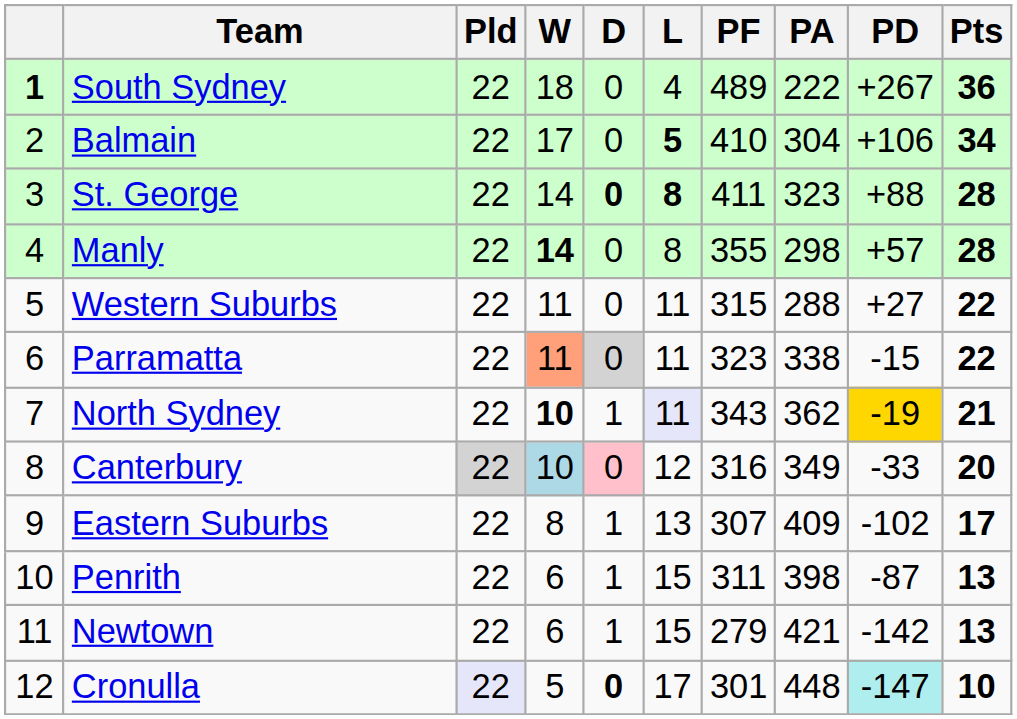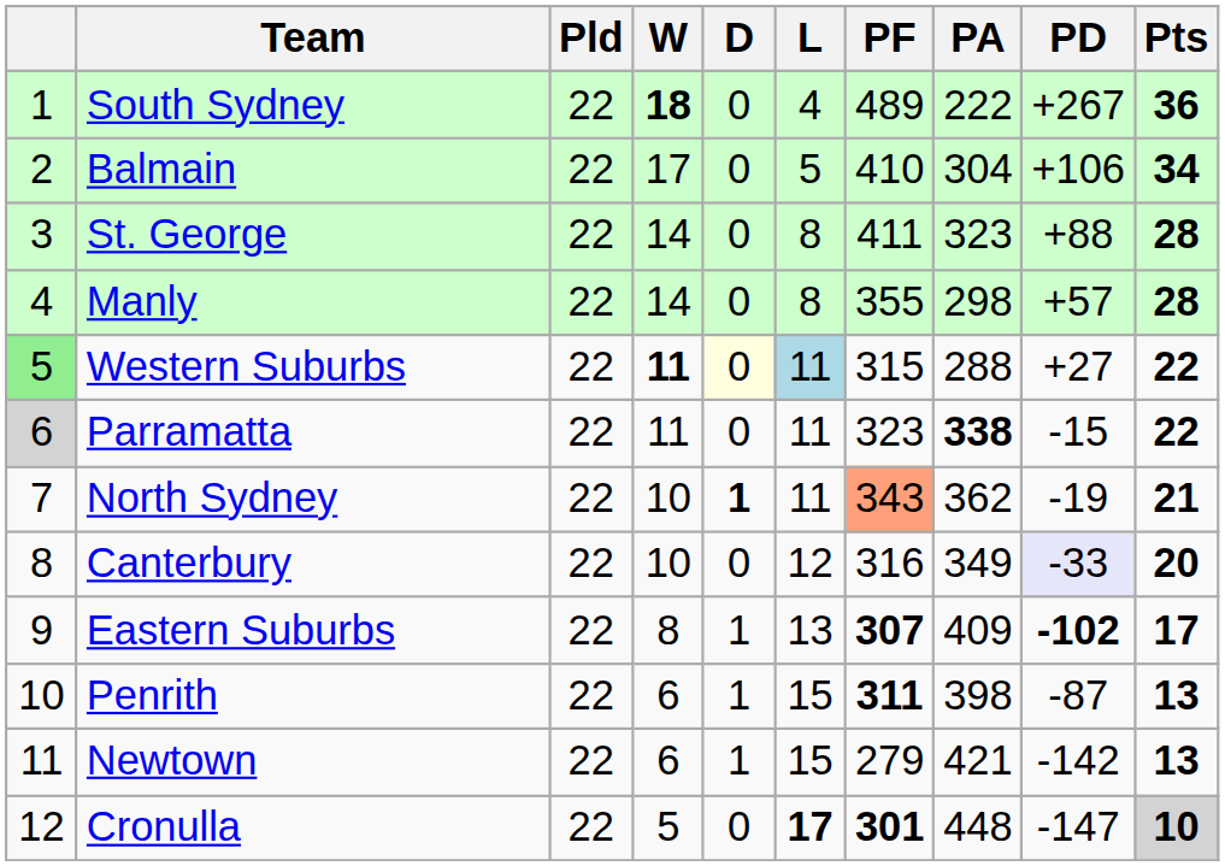 <table class="wikitable" style="text-align:center;">
 <tr>
 <th width=20 abbr="Position×"></th>
 <th width=175>Team</th>
 <th width=20 abbr="Played">Pld</th>
 <th width=20 abbr="Won">W</th>
 <th width=20 abbr="Drawn">D</th>
 <th width=20 abbr="Lost">L</th>
 <th width=20 abbr="Points for">PF</th>
 <th width=20 abbr="Points against">PA</th>
 <th width=20 abbr="Points difference">PD</th>
 <th width=20 abbr="Points">Pts</th>
 </tr>
 <tr style="background: #ccffcc;">
-<td><strong>1</strong></td>
+<td>1</td>
 <td style="text-align:left;"> <a href='#'>South Sydney</a></td>
 <td>22</td>
-<td>18</td>
+<td><strong>18</strong></td>
 <td>0</td>
 <td>4</td>
 <td>489</td>
 <td>222</td>
 <td>+267</td>
 <td><strong>36</strong></td>
 </tr>
 <tr style="background: #ccffcc;">
 <td>2</td>
 <td style="text-align:left;"> <a href='#'>Balmain</a></td>
 <td>22</td>
 <td>17</td>
 <td>0</td>
-<td><strong>5</strong></td>
+<td>5</td>
 <td>410</td>
 <td>304</td>
 <td>+106</td>
 <td><strong>34</strong></td>
 </tr>
 <tr style="background: #ccffcc;">
 <td>3</td>
 <td style="text-align:left;"> <a href='#'>St. George</a></td>
 <td>22</td>
 <td>14</td>
-<td><strong>0</strong></td>
-<td><strong>8</strong></td>
+<td>0</td>
+<td>8</td>
 <td>411</td>
 <td>323</td>
 <td>+88</td>
 <td><strong>28</strong></td>
 </tr>
 <tr style="background: #ccffcc;">
 <td>4</td>
 <td style="text-align:left;"> <a href='#'>Manly</a></td>
 <td>22</td>
-<td><strong>14</strong></td>
+<td>14</td>
 <td>0</td>
 <td>8</td>
 <td>355</td>
 <td>298</td>
 <td>+57</td>
 <td><strong>28</strong></td>
 </tr>
 <tr>
-<td>5</td>
+<td style="background: lightgreen;">5</td>
 <td style="text-align:left;"> <a href='#'>Western Suburbs</a></td>
 <td>22</td>
-<td>11</td>
-<td>0</td>
-<td>11</td>
+<td><strong>11</strong></td>
+<td style="background: lightyellow;">0</td>
+<td style="background: lightblue;">11</td>
 <td>315</td>
 <td>288</td>
 <td>+27</td>
 <td><strong>22</strong></td>
 </tr>
 <tr>
-<td>6</td>
+<td style="background: lightgrey;">6</td>
 <td style="text-align:left;"> <a href='#'>Parramatta</a></td>
 <td>22</td>
-<td style="background: lightsalmon;">11</td>
-<td style="background: lightgrey;">0</td>
+<td>11</td>
+<td>0</td>
 <td>11</td>
 <td>323</td>
-<td>338</td>
+<td><strong>338</strong></td>
 <td>-15</td>
 <td><strong>22</strong></td>
 </tr>
 <tr>
 <td>7</td>
 <td style="text-align:left;"> <a href='#'>North Sydney</a></td>
 <td>22</td>
-<td><strong>10</strong></td>
-<td>1</td>
-<td style="background: lavender;">11</td>
-<td>343</td>
+<td>10</td>
+<td><strong>1</strong></td>
+<td>11</td>
+<td style="background: lightsalmon;">343</td>
 <td>362</td>
-<td style="background: gold;">-19</td>
+<td>-19</td>
 <td><strong>21</strong></td>
 </tr>
 <tr>
 <td>8</td>
 <td style="text-align:left;"> <a href='#'>Canterbury</a></td>
-<td style="background: lightgrey;">22</td>
-<td style="background: lightblue;">10</td>
-<td style="background: pink;">0</td>
+<td>22</td>
+<td>10</td>
+<td>0</td>
 <td>12</td>
 <td>316</td>
 <td>349</td>
-<td>-33</td>
+<td style="background: lavender;">-33</td>
 <td><strong>20</strong></td>
 </tr>
 <tr>
 <td>9</td>
 <td style="text-align:left;"> <a href='#'>Eastern Suburbs</a></td>
 <td>22</td>
 <td>8</td>
 <td>1</td>
 <td>13</td>
-<td>307</td>
+<td><strong>307</strong></td>
 <td>409</td>
-<td>-102</td>
+<td><strong>-102</strong></td>
 <td><strong>17</strong></td>
 </tr>
 <tr>
 <td>10</td>
 <td style="text-align:left;"> <a href='#'>Penrith</a></td>
 <td>22</td>
 <td>6</td>
 <td>1</td>
 <td>15</td>
-<td>311</td>
+<td><strong>311</strong></td>
 <td>398</td>
 <td>-87</td>
 <td><strong>13</strong></td>
 </tr>
 <tr>
 <td>11</td>
 <td style="text-align:left;"> <a href='#'>Newtown</a></td>
 <td>22</td>
 <td>6</td>
 <td>1</td>
 <td>15</td>
 <td>279</td>
 <td>421</td>
 <td>-142</td>
 <td><strong>13</strong></td>
 </tr>
 <tr>
 <td>12</td>
 <td style="text-align:left;"> <a href='#'>Cronulla</a></td>
-<td style="background: lavender;">22</td>
+<td>22</td>
 <td>5</td>
-<td><strong>0</strong></td>
-<td>17</td>
-<td>301</td>
+<td>0</td>
+<td><strong>17</strong></td>
+<td><strong>301</strong></td>
 <td>448</td>
-<td style="background: paleturquoise;">-147</td>
-<td><strong>10</strong></td>
+<td>-147</td>
+<td style="background: lightgrey;"><strong>10</strong></td>
 </tr>
 <tr>
 </tr>
 </table>
